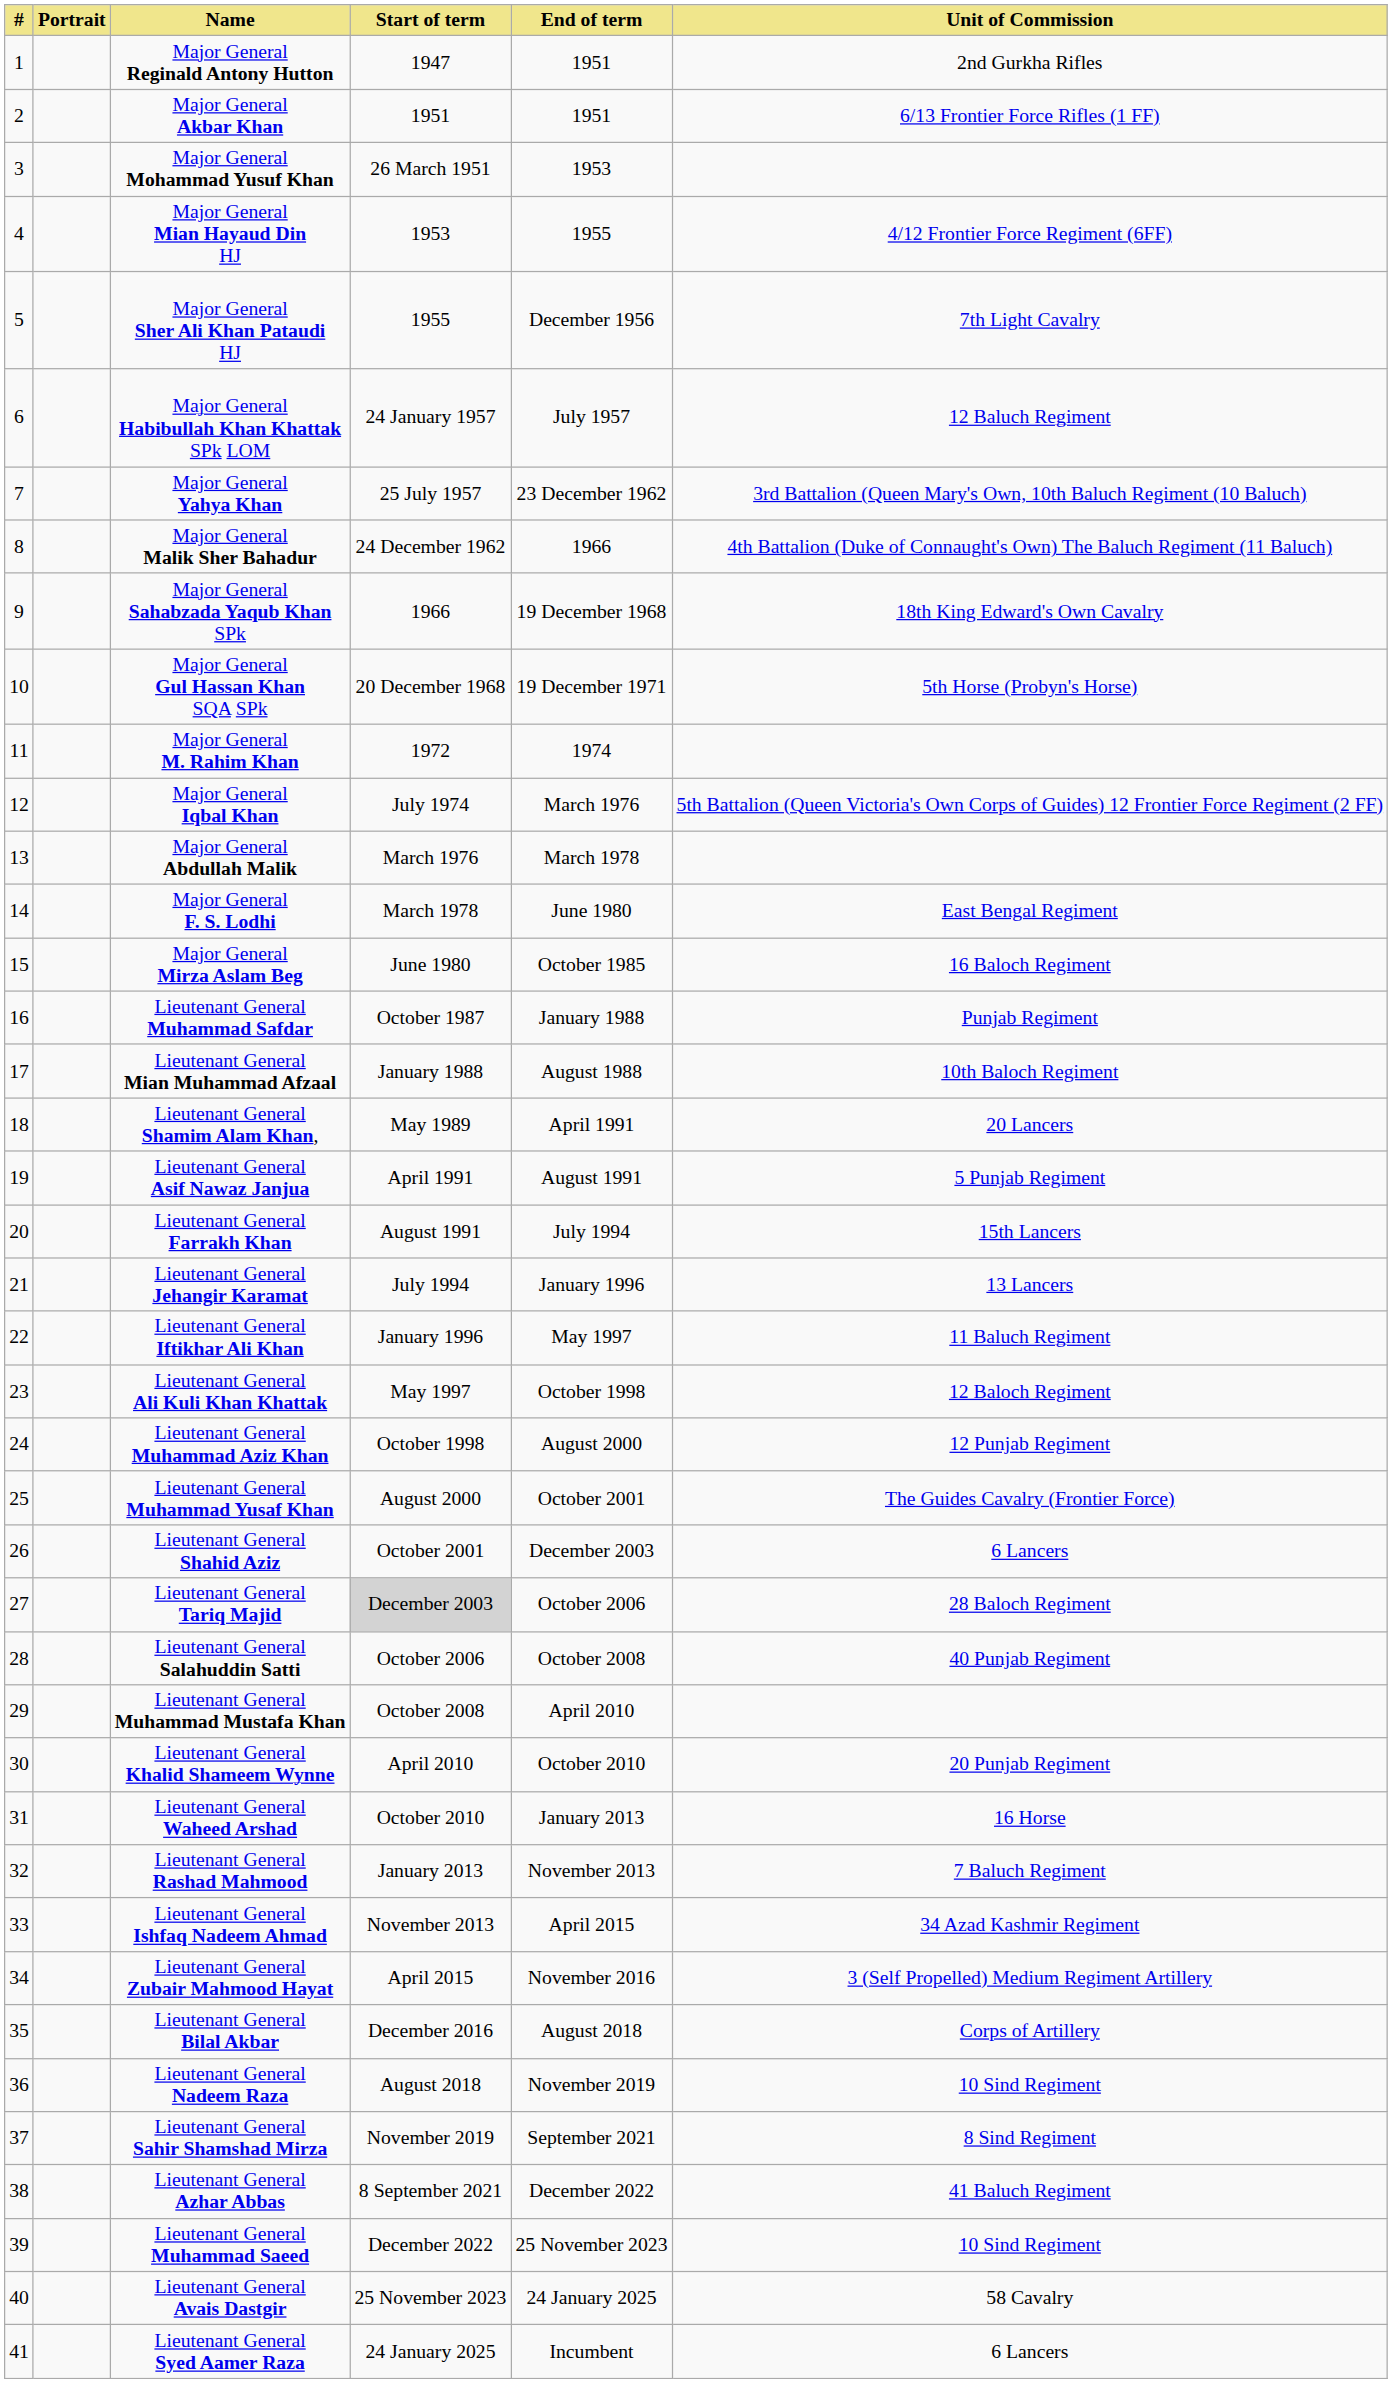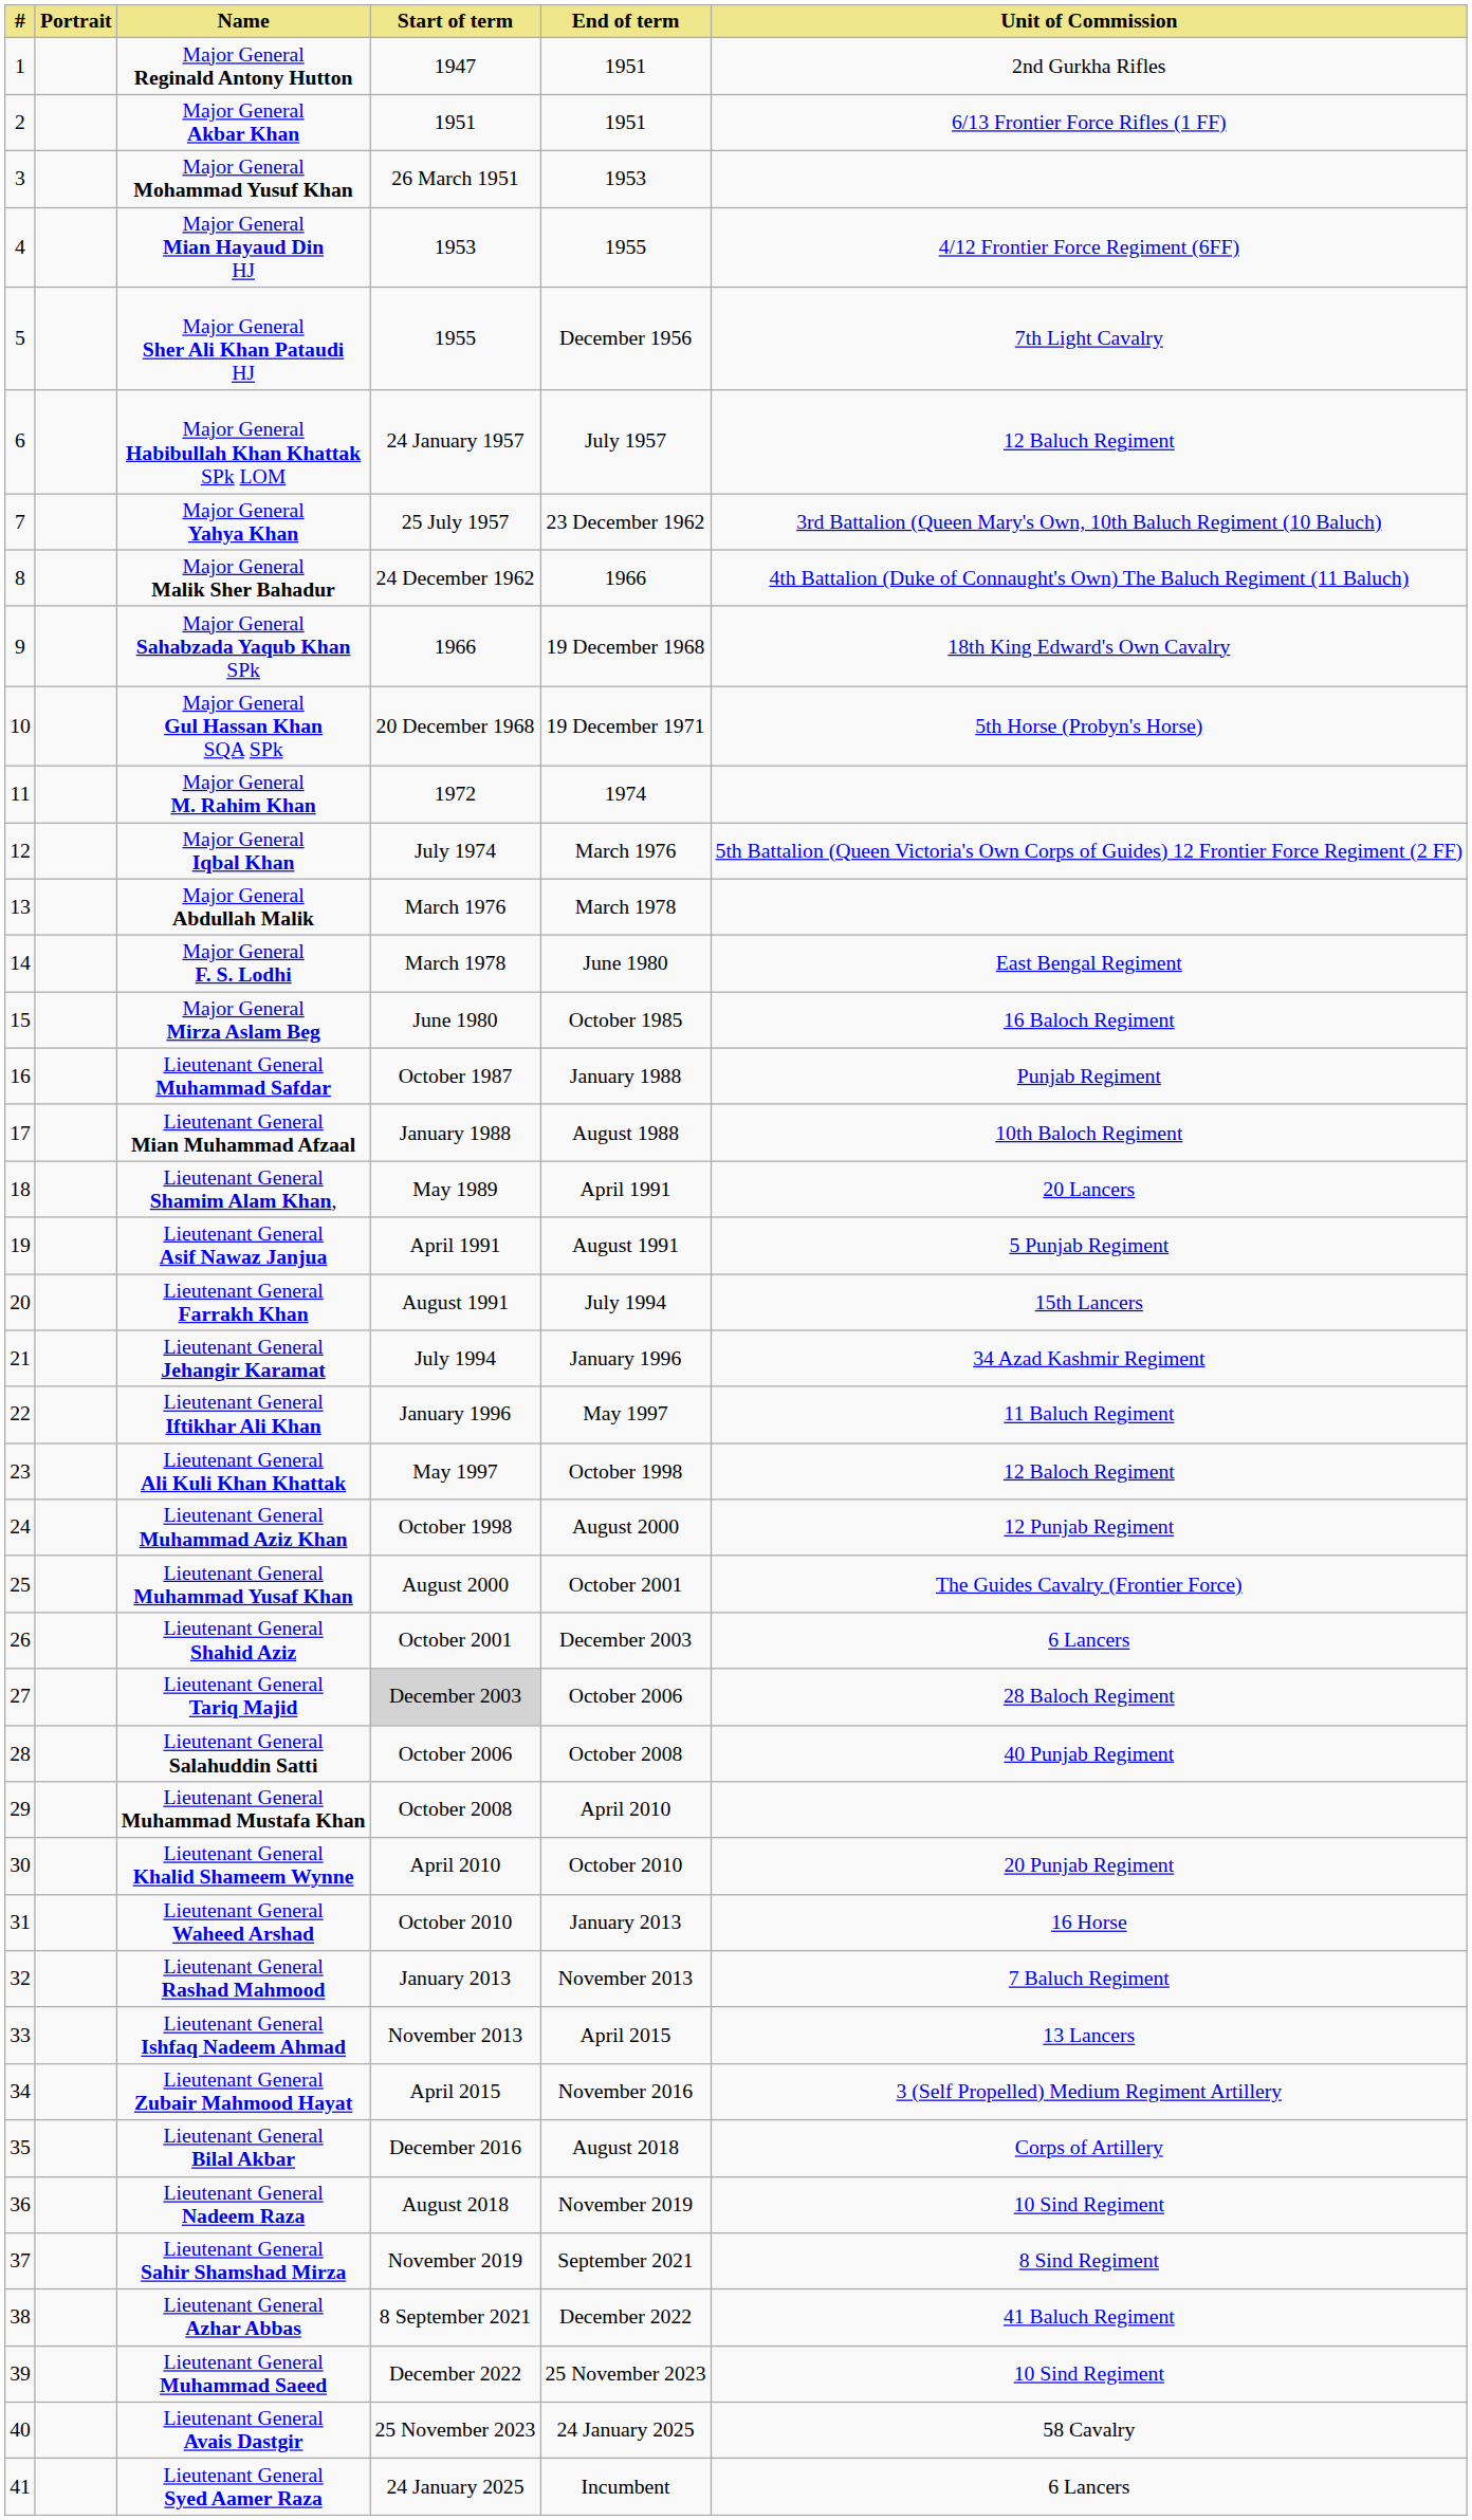 <table class="wikitable" style="text-align:center">
 <tr>
 <th style="background:#F0E68C;">#</th>
 <th style="background:#F0E68C;">Portrait</th>
 <th style="background:#F0E68C;">Name</th>
 <th style="background:#F0E68C;">Start of term</th>
 <th style="background:#F0E68C;">End of term</th>
 <th style="background:#F0E68C;">Unit of Commission</th>
 </tr>
 <tr>
 <td>1</td>
 <td></td>
 <td><a href='#'>Major General</a><br><strong>Reginald Antony Hutton</strong></td>
 <td>1947</td>
 <td>1951</td>
 <td>2nd Gurkha Rifles</td>
 </tr>
 <tr>
 <td>2</td>
 <td></td>
 <td><a href='#'>Major General</a><br><strong><a href='#'>Akbar Khan</a></strong><br></td>
 <td>1951</td>
 <td>1951</td>
 <td><a href='#'>6/13 Frontier Force Rifles (1 FF)</a></td>
 </tr>
 <tr>
 <td>3</td>
 <td></td>
 <td><a href='#'>Major General</a><br><strong>Mohammad Yusuf Khan</strong></td>
 <td>26 March 1951</td>
 <td>1953</td>
 <td></td>
 </tr>
 <tr>
 <td>4</td>
 <td></td>
 <td><a href='#'>Major General</a><br><strong><a href='#'>Mian Hayaud Din</a></strong><br><a href='#'>HJ</a> </td>
 <td>1953</td>
 <td>1955</td>
 <td><a href='#'>4/12 Frontier Force Regiment (6FF)</a></td>
 </tr>
 <tr>
 <td>5</td>
 <td></td>
 <td><br><a href='#'>Major General</a><br><strong><a href='#'>Sher Ali Khan Pataudi</a></strong><br><a href='#'>HJ</a></td>
 <td>1955</td>
 <td>December 1956</td>
 <td><a href='#'>7th Light Cavalry</a></td>
 </tr>
 <tr>
 <td>6</td>
 <td></td>
 <td><br><a href='#'>Major General</a><br><strong><a href='#'>Habibullah Khan Khattak</a></strong><br><a href='#'>SPk</a> <a href='#'>LOM</a></td>
 <td>24 January 1957</td>
 <td>July 1957</td>
 <td><a href='#'>12 Baluch Regiment</a></td>
 </tr>
 <tr>
 <td>7</td>
 <td></td>
 <td><a href='#'>Major General</a><br><strong><a href='#'>Yahya Khan</a></strong></td>
 <td>25 July 1957</td>
 <td>23 December 1962</td>
 <td><a href='#'>3rd Battalion (Queen Mary's Own, 10th Baluch Regiment (10 Baluch)</a></td>
 </tr>
 <tr>
 <td>8</td>
 <td></td>
 <td><a href='#'>Major General</a><br><strong>Malik Sher Bahadur</strong></td>
 <td>24 December 1962</td>
 <td>1966</td>
 <td><a href='#'>4th Battalion (Duke of Connaught's Own) The Baluch Regiment (11 Baluch)</a></td>
 </tr>
 <tr>
 <td>9</td>
 <td></td>
 <td><a href='#'>Major General</a><br><strong><a href='#'>Sahabzada Yaqub Khan</a></strong><br><a href='#'>SPk</a></td>
 <td>1966</td>
 <td>19 December 1968</td>
 <td><a href='#'>18th King Edward's Own Cavalry</a></td>
 </tr>
 <tr>
 <td>10</td>
 <td></td>
 <td><a href='#'>Major General</a><br><strong><a href='#'>Gul Hassan Khan</a></strong><br><a href='#'>SQA</a> <a href='#'>SPk</a></td>
 <td>20 December 1968</td>
 <td>19 December 1971</td>
 <td><a href='#'>5th Horse (Probyn's Horse)</a></td>
 </tr>
 <tr>
 <td>11</td>
 <td></td>
 <td><a href='#'>Major General</a><br><strong><a href='#'>M. Rahim Khan</a></strong></td>
 <td>1972</td>
 <td>1974</td>
 <td></td>
 </tr>
 <tr>
 <td>12</td>
 <td></td>
 <td><a href='#'>Major General</a><br><strong><a href='#'>Iqbal Khan</a></strong><br><strong></strong></td>
 <td>July 1974</td>
 <td>March 1976</td>
 <td><a href='#'>5th Battalion (Queen Victoria's Own Corps of Guides) 12 Frontier Force Regiment (2 FF)</a></td>
 </tr>
 <tr>
 <td>13</td>
 <td></td>
 <td><a href='#'>Major General</a><br><strong>Abdullah Malik</strong></td>
 <td>March 1976</td>
 <td>March 1978</td>
 <td></td>
 </tr>
 <tr>
 <td>14</td>
 <td></td>
 <td><a href='#'>Major General</a><br><strong><a href='#'>F. S. Lodhi</a></strong></td>
 <td>March 1978</td>
 <td>June 1980</td>
 <td><a href='#'>East Bengal Regiment</a></td>
 </tr>
 <tr>
 <td>15</td>
 <td></td>
 <td><a href='#'>Major General</a><br><strong><a href='#'>Mirza Aslam Beg</a></strong><br></td>
 <td>June 1980</td>
 <td>October 1985</td>
 <td><a href='#'>16 Baloch Regiment</a></td>
 </tr>
 <tr>
 <td>16</td>
 <td></td>
 <td><a href='#'>Lieutenant General</a><br><strong><a href='#'>Muhammad Safdar</a></strong></td>
 <td>October 1987</td>
 <td>January 1988</td>
 <td><a href='#'>Punjab Regiment</a></td>
 </tr>
 <tr>
 <td>17</td>
 <td></td>
 <td><a href='#'>Lieutenant General</a><br><strong>Mian Muhammad Afzaal</strong><br></td>
 <td>January 1988</td>
 <td>August 1988</td>
 <td><a href='#'>10th Baloch Regiment</a></td>
 </tr>
 <tr>
 <td>18</td>
 <td></td>
 <td><a href='#'>Lieutenant General</a><br><strong><a href='#'>Shamim Alam Khan</a></strong>, <strong></strong></td>
 <td>May 1989</td>
 <td>April 1991</td>
 <td><a href='#'>20 Lancers</a></td>
 </tr>
 <tr>
 <td>19</td>
 <td></td>
 <td><a href='#'>Lieutenant General</a><br><strong><a href='#'>Asif Nawaz Janjua</a></strong><br></td>
 <td>April 1991</td>
 <td>August 1991</td>
 <td><a href='#'>5 Punjab Regiment</a></td>
 </tr>
 <tr>
 <td>20</td>
 <td></td>
 <td><a href='#'>Lieutenant General</a><br><strong><a href='#'>Farrakh Khan</a></strong></td>
 <td>August 1991</td>
 <td>July 1994</td>
 <td><a href='#'>15th Lancers</a></td>
 </tr>
 <tr>
 <td>21</td>
 <td></td>
 <td><a href='#'>Lieutenant General</a> <br><strong><a href='#'>Jehangir Karamat</a></strong><br></td>
 <td>July 1994</td>
 <td>January 1996</td>
-<td><a href='#'>13 Lancers</a></td>
+<td><a href='#'>34 Azad Kashmir Regiment</a></td>
 </tr>
 <tr>
 <td>22</td>
 <td></td>
 <td><a href='#'>Lieutenant General</a><br><strong><a href='#'>Iftikhar Ali Khan</a></strong><br></td>
 <td>January 1996</td>
 <td>May 1997</td>
 <td><a href='#'>11 Baluch Regiment</a></td>
 </tr>
 <tr>
 <td>23</td>
 <td></td>
 <td><a href='#'>Lieutenant General</a><br><strong><a href='#'>Ali Kuli Khan Khattak</a></strong><br></td>
 <td>May 1997</td>
 <td>October 1998</td>
 <td><a href='#'>12 Baloch Regiment</a></td>
 </tr>
 <tr>
 <td>24</td>
 <td></td>
 <td><a href='#'>Lieutenant General</a><br><strong><a href='#'>Muhammad Aziz Khan</a><br></strong></td>
 <td>October 1998</td>
 <td>August 2000</td>
 <td><a href='#'>12 Punjab Regiment</a></td>
 </tr>
 <tr>
 <td>25</td>
 <td></td>
 <td><a href='#'>Lieutenant General</a><br><strong><a href='#'>Muhammad Yusaf Khan</a></strong></td>
 <td>August 2000</td>
 <td>October 2001</td>
 <td><a href='#'>The Guides Cavalry (Frontier Force)</a></td>
 </tr>
 <tr>
 <td>26</td>
 <td></td>
 <td><a href='#'>Lieutenant General</a><br><strong><a href='#'>Shahid Aziz</a></strong></td>
 <td>October 2001</td>
 <td>December 2003</td>
 <td><a href='#'>6 Lancers</a></td>
 </tr>
 <tr>
 <td>27</td>
 <td></td>
 <td><a href='#'>Lieutenant General</a><br><strong><a href='#'>Tariq Majid</a></strong><br></td>
 <td style="background: lightgrey;">December 2003</td>
 <td>October 2006</td>
 <td><a href='#'>28 Baloch Regiment</a></td>
 </tr>
 <tr>
 <td>28</td>
 <td></td>
 <td><a href='#'>Lieutenant General</a><br><strong>Salahuddin Satti</strong></td>
 <td>October 2006</td>
 <td>October 2008</td>
 <td><a href='#'>40 Punjab Regiment</a></td>
 </tr>
 <tr>
 <td>29</td>
 <td></td>
 <td><a href='#'>Lieutenant General</a><br><strong>Muhammad Mustafa Khan</strong></td>
 <td>October 2008</td>
 <td>April 2010</td>
 <td></td>
 </tr>
 <tr>
 <td>30</td>
 <td></td>
 <td><a href='#'>Lieutenant General</a> <br><strong><a href='#'>Khalid Shameem Wynne</a><br></strong></td>
 <td>April 2010</td>
 <td>October 2010</td>
 <td><a href='#'>20 Punjab Regiment</a></td>
 </tr>
 <tr>
 <td>31</td>
 <td></td>
 <td><a href='#'>Lieutenant General</a><br><strong><a href='#'>Waheed Arshad</a><br></strong></td>
 <td>October 2010</td>
 <td>January 2013</td>
 <td><a href='#'>16 Horse</a></td>
 </tr>
 <tr>
 <td>32</td>
 <td></td>
 <td><a href='#'>Lieutenant General</a> <br><strong><a href='#'>Rashad Mahmood</a><br></strong></td>
 <td>January 2013</td>
 <td>November 2013</td>
 <td><a href='#'>7 Baluch Regiment</a></td>
 </tr>
 <tr>
 <td>33</td>
 <td></td>
 <td><a href='#'>Lieutenant General</a><br><strong><a href='#'>Ishfaq Nadeem Ahmad</a></strong><br></td>
 <td>November 2013</td>
 <td>April 2015</td>
-<td><a href='#'>34 Azad Kashmir Regiment</a></td>
+<td><a href='#'>13 Lancers</a></td>
 </tr>
 <tr>
 <td>34</td>
 <td></td>
 <td><a href='#'>Lieutenant General</a><br><strong><a href='#'>Zubair Mahmood Hayat</a><br></strong></td>
 <td>April 2015</td>
 <td>November 2016</td>
 <td><a href='#'>3 (Self Propelled) Medium Regiment Artillery</a></td>
 </tr>
 <tr>
 <td>35</td>
 <td></td>
 <td><a href='#'>Lieutenant General</a><br><strong><a href='#'>Bilal Akbar</a></strong></td>
 <td>December 2016</td>
 <td>August 2018</td>
 <td><a href='#'>Corps of Artillery</a></td>
 </tr>
 <tr>
 <td>36</td>
 <td></td>
 <td><a href='#'>Lieutenant General</a><br><strong><a href='#'>Nadeem Raza</a></strong><br></td>
 <td>August 2018</td>
 <td>November 2019</td>
 <td><a href='#'>10 Sind Regiment</a></td>
 </tr>
 <tr>
 <td>37</td>
 <td></td>
 <td><a href='#'>Lieutenant General</a><br><strong><a href='#'>Sahir Shamshad Mirza</a></strong></td>
 <td>November 2019</td>
 <td>September 2021</td>
 <td><a href='#'>8 Sind Regiment</a></td>
 </tr>
 <tr>
 <td>38</td>
 <td></td>
 <td><a href='#'>Lieutenant General</a><br><strong><a href='#'>Azhar Abbas</a></strong></td>
 <td>8 September 2021</td>
 <td>December 2022</td>
 <td><a href='#'>41 Baluch Regiment</a></td>
 </tr>
 <tr>
 <td>39</td>
 <td></td>
 <td><a href='#'>Lieutenant General</a><br><strong><a href='#'>Muhammad Saeed</a></strong></td>
 <td>December 2022</td>
 <td>25 November 2023</td>
 <td><a href='#'>10 Sind Regiment</a></td>
 </tr>
 <tr>
 <td>40</td>
 <td></td>
 <td><a href='#'>Lieutenant General</a><br><strong><a href='#'>Avais Dastgir</a></strong></td>
 <td>25 November 2023</td>
 <td>24 January 2025</td>
 <td>58 Cavalry</td>
 </tr>
 <tr>
 <td>41</td>
 <td></td>
 <td><a href='#'>Lieutenant General</a><br><strong><a href='#'>Syed Aamer Raza</a></strong></td>
 <td>24 January 2025</td>
 <td>Incumbent</td>
 <td>6 Lancers</td>
 </tr>
 </table>
